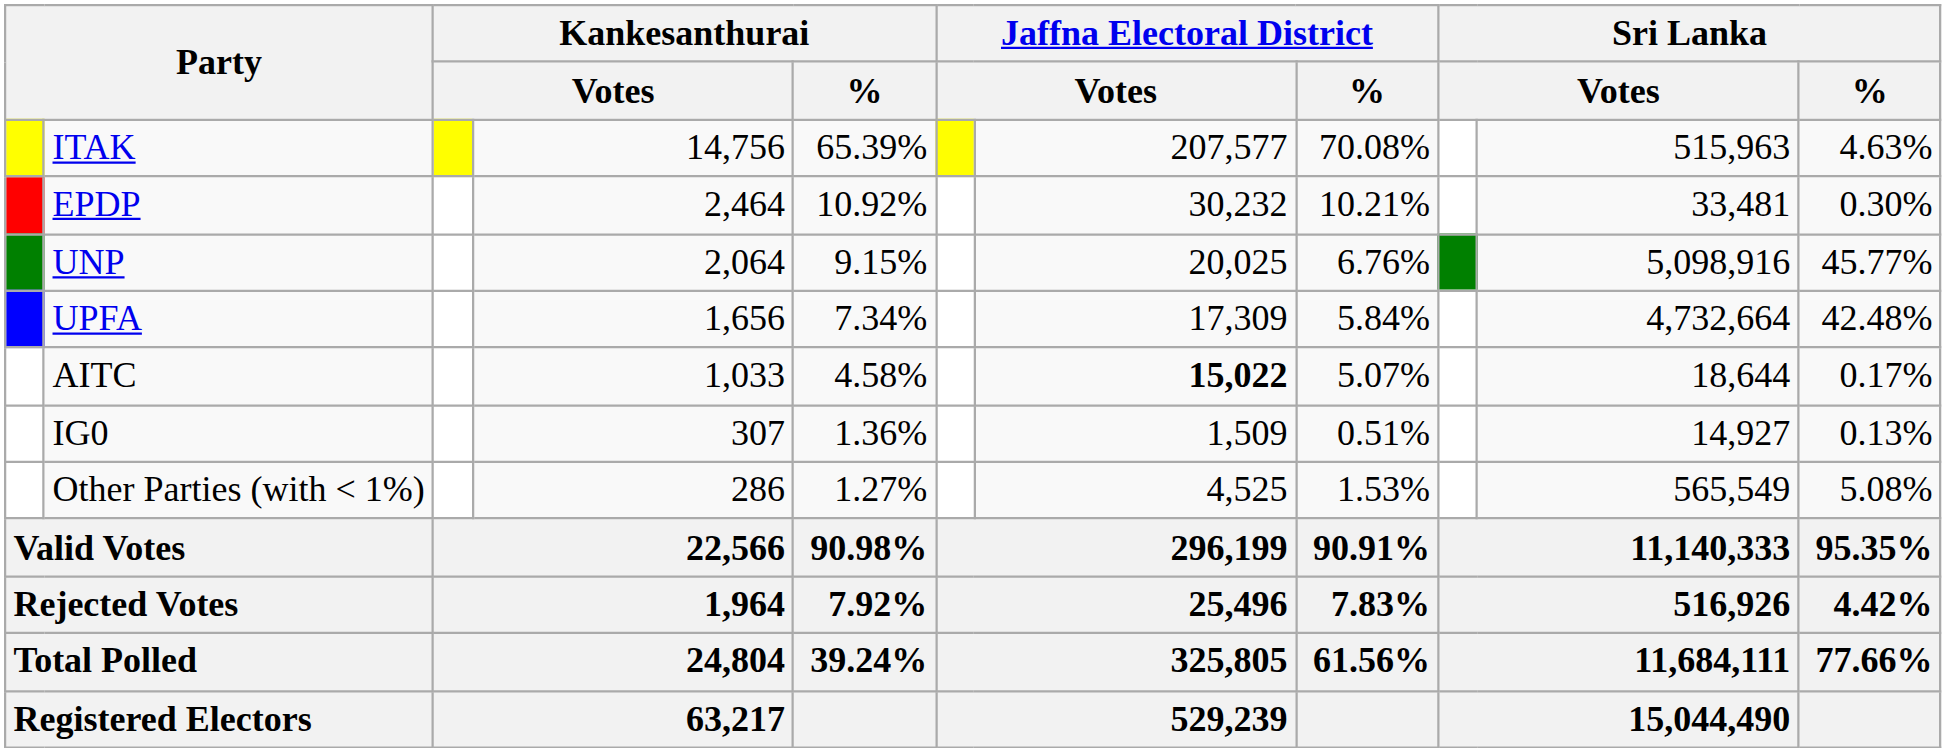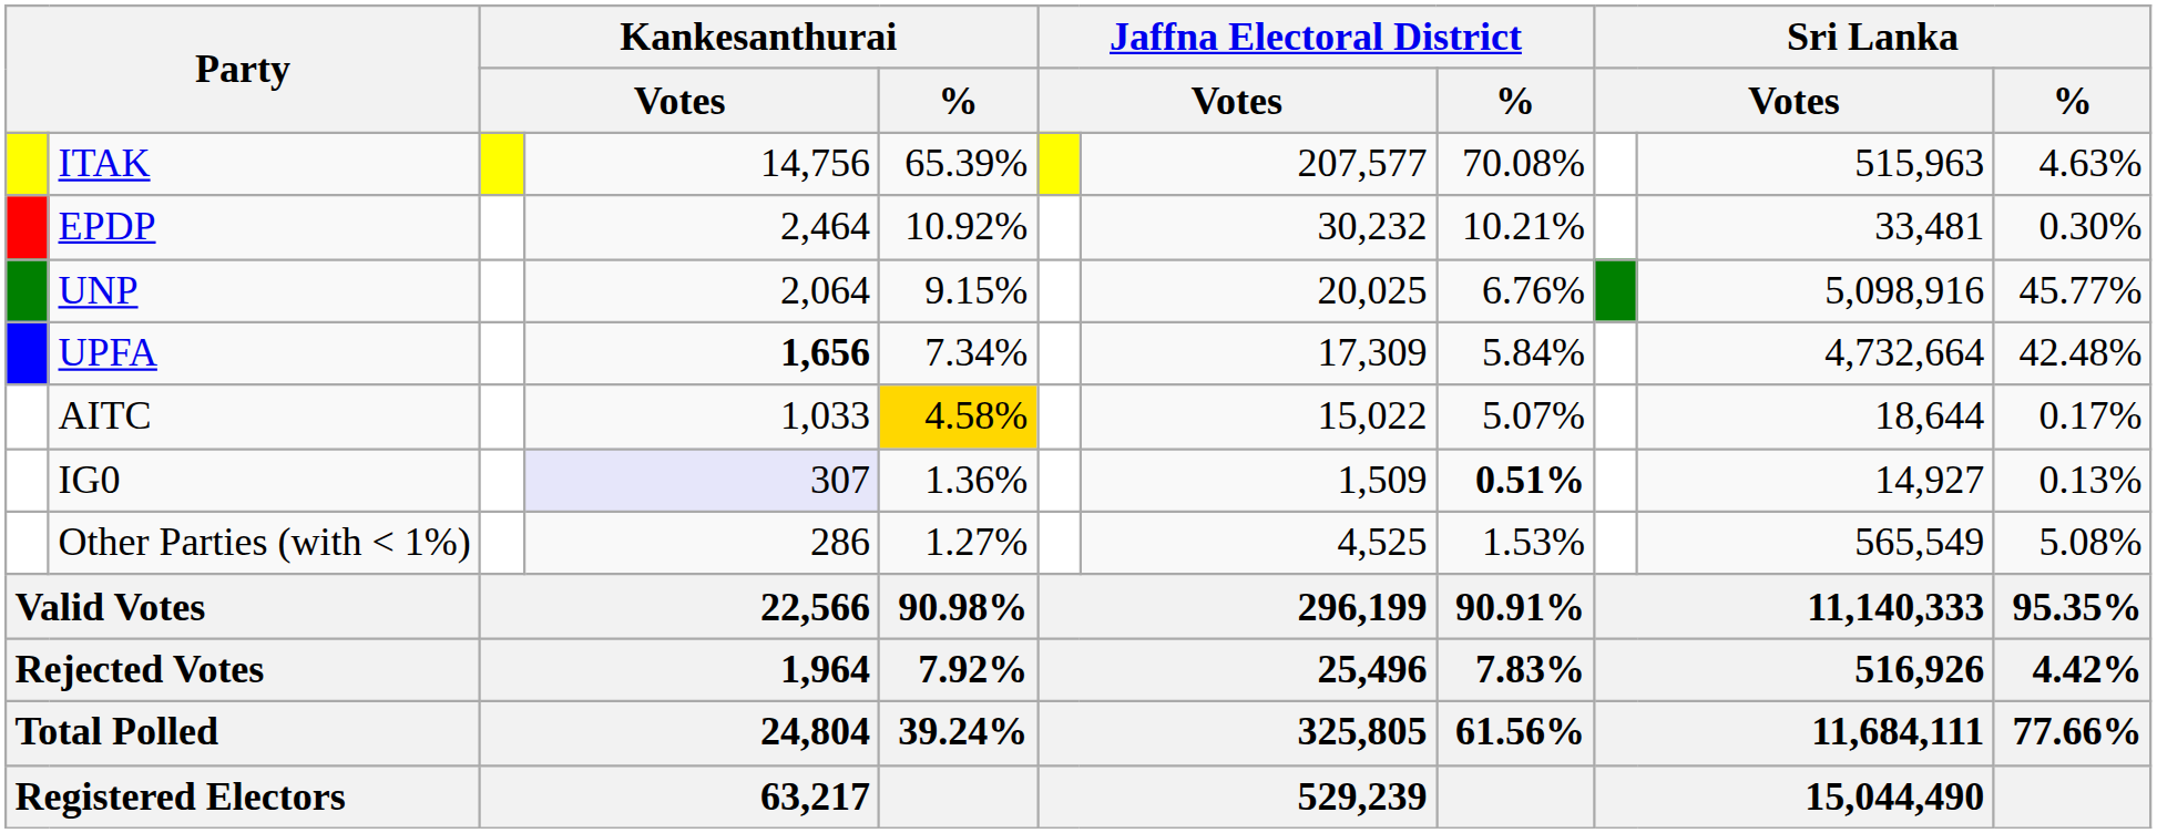 <table class="wikitable">
 <tr>
 <th colspan="2" width="144px"rowspan="2">Party</th>
 <th colspan="3" width="216px">Kankesanthurai</th>
 <th colspan="3" width="216px"><a href='#'>Jaffna Electoral District</a></th>
 <th colspan="3" width="216px">Sri Lanka</th>
 </tr>
 <tr>
 <th colspan="2" width="144px">Votes</th>
 <th>%</th>
 <th colspan="2" width="144px">Votes</th>
 <th>%</th>
 <th colspan="2" width="144px">Votes</th>
 <th>%</th>
 </tr>
 <tr>
 <td style="background-color:yellow;" width="10px"></td>
 <td style="text-align:left;"><a href='#'>ITAK</a></td>
 <td style="background-color:yellow;" width="10px"></td>
 <td style="text-align:right;">14,756</td>
 <td style="text-align:right;">65.39%</td>
 <td style="background-color:yellow;" width="10px"></td>
 <td style="text-align:right;">207,577</td>
 <td style="text-align:right;">70.08%</td>
 <td style="background-color:white;" width="10px"></td>
 <td style="text-align:right;">515,963</td>
 <td style="text-align:right;">4.63%</td>
 </tr>
 <tr>
 <td style="background-color:red;" width="10px"></td>
 <td style="text-align:left;"><a href='#'>EPDP</a></td>
 <td style="background-color:white;" width="10px"></td>
 <td style="text-align:right;">2,464</td>
 <td style="text-align:right;">10.92%</td>
 <td style="background-color:white;" width="10px"></td>
 <td style="text-align:right;">30,232</td>
 <td style="text-align:right;">10.21%</td>
 <td style="background-color:white;" width="10px"></td>
 <td style="text-align:right;">33,481</td>
 <td style="text-align:right;">0.30%</td>
 </tr>
 <tr>
 <td style="background-color:green;" width="10px"></td>
 <td style="text-align:left;"><a href='#'>UNP</a></td>
 <td style="background-color:white;" width="10px"></td>
 <td style="text-align:right;">2,064</td>
 <td style="text-align:right;">9.15%</td>
 <td style="background-color:white;" width="10px"></td>
 <td style="text-align:right;">20,025</td>
 <td style="text-align:right;">6.76%</td>
 <td style="background-color:green;" width="10px"></td>
 <td style="text-align:right;">5,098,916</td>
 <td style="text-align:right;">45.77%</td>
 </tr>
 <tr>
 <td style="background-color:blue;" width="10px"></td>
 <td style="text-align:left;"><a href='#'>UPFA</a></td>
 <td style="background-color:white;" width="10px"></td>
-<td style="text-align:right;">1,656</td>
+<td style="text-align:right;"><strong>1,656</strong></td>
 <td style="text-align:right;">7.34%</td>
 <td style="background-color:white;" width="10px"></td>
 <td style="text-align:right;">17,309</td>
 <td style="text-align:right;">5.84%</td>
 <td style="background-color:white;" width="10px"></td>
 <td style="text-align:right;">4,732,664</td>
 <td style="text-align:right;">42.48%</td>
 </tr>
 <tr>
 <td style="background-color:white;" width="10px"></td>
 <td style="text-align:left;">AITC</td>
 <td style="background-color:white;" width="10px"></td>
 <td style="text-align:right;">1,033</td>
-<td style="text-align:right;">4.58%</td>
+<td style="background: gold; text-align:right;">4.58%</td>
 <td style="background-color:white;" width="10px"></td>
-<td style="text-align:right;"><strong>15,022</strong></td>
+<td style="text-align:right;">15,022</td>
 <td style="text-align:right;">5.07%</td>
 <td style="background-color:white;" width="10px"></td>
 <td style="text-align:right;">18,644</td>
 <td style="text-align:right;">0.17%</td>
 </tr>
 <tr>
 <td style="background-color:white;" width="10px"></td>
 <td style="text-align:left;">IG0</td>
 <td style="background-color:white;" width="10px"></td>
-<td style="text-align:right;">307</td>
+<td style="background: lavender; text-align:right;">307</td>
 <td style="text-align:right;">1.36%</td>
 <td style="background-color:white;" width="10px"></td>
 <td style="text-align:right;">1,509</td>
-<td style="text-align:right;">0.51%</td>
+<td style="text-align:right;"><strong>0.51%</strong></td>
 <td style="background-color:white;" width="10px"></td>
 <td style="text-align:right;">14,927</td>
 <td style="text-align:right;">0.13%</td>
 </tr>
 <tr>
 <td style="background-color:white;" width="10px"></td>
 <td style="text-align:left;">Other Parties (with < 1%)</td>
 <td style="background-color:white;" width="10px"></td>
 <td style="text-align:right;">286</td>
 <td style="text-align:right;">1.27%</td>
 <td style="background-color:white;" width="10px"></td>
 <td style="text-align:right;">4,525</td>
 <td style="text-align:right;">1.53%</td>
 <td style="background-color:white;" width="10px"></td>
 <td style="text-align:right;">565,549</td>
 <td style="text-align:right;">5.08%</td>
 </tr>
 <tr>
 <th colspan="2" width="144px"style="text-align:left;">Valid Votes</th>
 <th style="text-align:right;"colspan="2" width="144px">22,566</th>
 <th style="text-align:right;">90.98%</th>
 <th style="text-align:right;"colspan="2" width="144px">296,199</th>
 <th style="text-align:right;">90.91%</th>
 <th style="text-align:right;"colspan="2" width="144px">11,140,333</th>
 <th style="text-align:right;">95.35%</th>
 </tr>
 <tr>
 <th colspan="2" width="144px"style="text-align:left;">Rejected Votes</th>
 <th style="text-align:right;"colspan="2" width="144px">1,964</th>
 <th style="text-align:right;">7.92%</th>
 <th style="text-align:right;"colspan="2" width="144px">25,496</th>
 <th style="text-align:right;">7.83%</th>
 <th style="text-align:right;"colspan="2" width="144px">516,926</th>
 <th style="text-align:right;">4.42%</th>
 </tr>
 <tr>
 <th colspan="2" width="144px"style="text-align:left;">Total Polled</th>
 <th style="text-align:right;"colspan="2" width="144px">24,804</th>
 <th style="text-align:right;">39.24%</th>
 <th style="text-align:right;"colspan="2" width="144px">325,805</th>
 <th style="text-align:right;">61.56%</th>
 <th style="text-align:right;"colspan="2" width="144px">11,684,111</th>
 <th style="text-align:right;">77.66%</th>
 </tr>
 <tr>
 <th colspan="2" width="144px"style="text-align:left;">Registered Electors</th>
 <th style="text-align:right;"colspan="2" width="144px">63,217</th>
 <th></th>
 <th style="text-align:right;"colspan="2" width="144px">529,239</th>
 <th></th>
 <th style="text-align:right;"colspan="2" width="144px">15,044,490</th>
 <th></th>
 </tr>
 </table>
